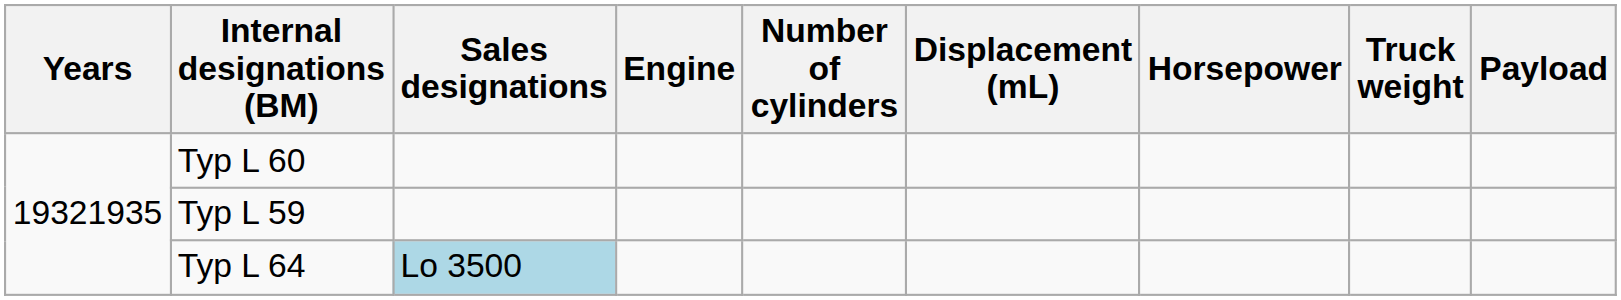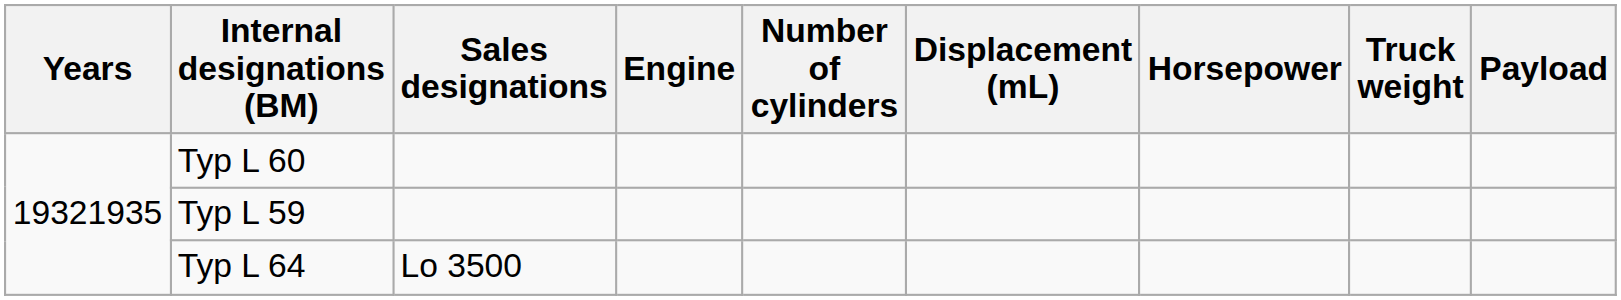 <table class="wikitable sortable" style="text-align: left;">
 <tr>
 <th>Years</th>
 <th>Internal designations (BM)</th>
 <th>Sales designations</th>
 <th>Engine</th>
 <th>Number of cylinders</th>
 <th>Displacement (mL)</th>
 <th>Horsepower</th>
 <th>Truck weight</th>
 <th>Payload</th>
 </tr>
 <tr>
 <td rowspan="3">19321935</td>
 <td>Typ L 60</td>
 <td></td>
 <td></td>
 <td></td>
 <td></td>
 <td></td>
 <td></td>
 <td></td>
 </tr>
 <tr>
 <td>Typ L 59</td>
 <td></td>
 <td></td>
 <td></td>
 <td></td>
 <td></td>
 <td></td>
 <td></td>
 </tr>
 <tr>
 <td>Typ L 64</td>
-<td style="background: lightblue;">Lo 3500</td>
+<td>Lo 3500</td>
 <td></td>
 <td></td>
 <td></td>
 <td></td>
 <td></td>
 <td></td>
 </tr>
 </table>
